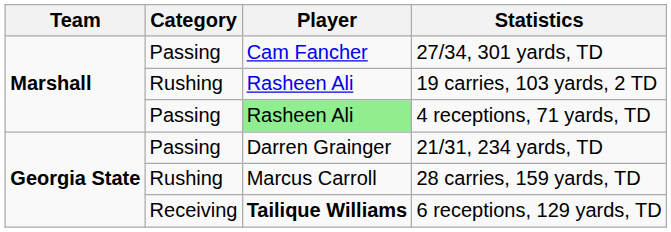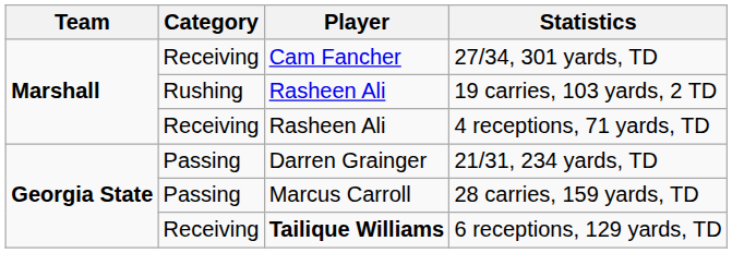 <table class="wikitable" style="float: right;">
 <tr>
 <th>Team</th>
 <th>Category</th>
 <th>Player</th>
 <th>Statistics</th>
 </tr>
 <tr>
 <td rowspan=3><strong>Marshall</strong></td>
-<td>Passing</td>
+<td>Receiving</td>
 <td><a href='#'>Cam Fancher</a></td>
 <td>27/34, 301 yards, TD</td>
 </tr>
 <tr>
 <td>Rushing</td>
 <td><a href='#'>Rasheen Ali</a></td>
 <td>19 carries, 103 yards, 2 TD</td>
 </tr>
 <tr>
-<td>Passing</td>
-<td style="background: lightgreen;">Rasheen Ali</td>
+<td>Receiving</td>
+<td>Rasheen Ali</td>
 <td>4 receptions, 71 yards, TD</td>
 </tr>
 <tr>
 <td rowspan=3><strong>Georgia State</strong></td>
 <td>Passing</td>
 <td>Darren Grainger</td>
 <td>21/31, 234 yards, TD</td>
 </tr>
 <tr>
-<td>Rushing</td>
+<td>Passing</td>
 <td>Marcus Carroll</td>
 <td>28 carries, 159 yards, TD</td>
 </tr>
 <tr>
 <td>Receiving</td>
 <td><strong>Tailique Williams</strong></td>
 <td>6 receptions, 129 yards, TD</td>
 </tr>
 </table>
